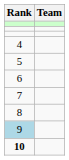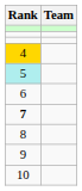 <table class="wikitable">
 <tr>
 <th>Rank</th>
 <th>Team</th>
 </tr>
 <tr bgcolor=#ccffcc>
 <td align=center></td>
 <td></td>
 </tr>
 <tr>
 <td align=center></td>
 <td></td>
 </tr>
 <tr>
 <td align=center></td>
 <td></td>
 </tr>
 <tr>
-<td align=center>4</td>
+<td align=center style="background: gold;">4</td>
 <td></td>
 </tr>
 <tr>
-<td align=center>5</td>
+<td align=center style="background: paleturquoise;">5</td>
 <td></td>
 </tr>
 <tr>
 <td align=center>6</td>
 <td></td>
 </tr>
 <tr>
-<td align=center>7</td>
+<td align=center><strong>7</strong></td>
 <td></td>
 </tr>
 <tr>
 <td align=center>8</td>
 <td></td>
 </tr>
 <tr>
-<td align=center style="background: lightblue;">9</td>
+<td align=center>9</td>
 <td></td>
 </tr>
 <tr>
-<td align=center><strong>10</strong></td>
+<td align=center>10</td>
 <td></td>
 </tr>
 </table>
